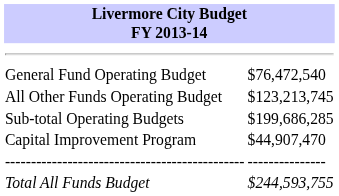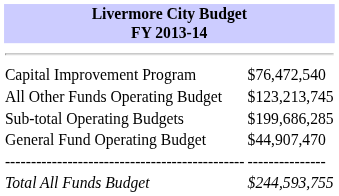 <table class="toccolours" align="right" cellpadding="1" cellspacing="1" style="margin:0 0 1em 1em; font-size:95%; align:right;">
 <tr>
 <th colspan=2 bgcolor="#ccccff" align="center">Livermore City Budget<br>FY 2013-14</th>
 </tr>
 <tr>
 <td colspan=2><hr></td>
 </tr>
 <tr>
-<td align="left">General Fund Operating Budget</td>
+<td align="left">Capital Improvement Program</td>
 <td>$76,472,540</td>
 </tr>
 <tr>
 <td align="left">All Other Funds Operating Budget</td>
 <td>$123,213,745</td>
 </tr>
 <tr>
 <td align="left">Sub-total Operating Budgets</td>
 <td>$199,686,285</td>
 </tr>
 <tr>
-<td align="left">Capital Improvement Program</td>
+<td align="left">General Fund Operating Budget</td>
 <td>$44,907,470</td>
 </tr>
 <tr>
 <td align="left">----------------------------------------------</td>
 <td>---------------</td>
 </tr>
 <tr>
 <td align="left"><em>Total All Funds Budget</em></td>
 <td><em>$244,593,755</em></td>
 </tr>
 <tr>
 </tr>
 </table>
